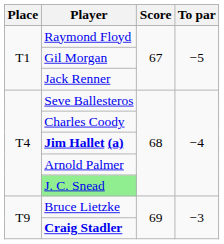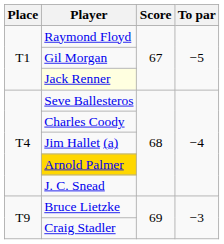 <table class="wikitable">
 <tr>
 <th>Place</th>
 <th>Player</th>
 <th>Score</th>
 <th>To par</th>
 </tr>
 <tr>
 <td rowspan=3 align="center">T1</td>
 <td> <a href='#'>Raymond Floyd</a></td>
 <td rowspan=3 align="center">67</td>
 <td rowspan=3 align="center">−5</td>
 </tr>
 <tr>
 <td> <a href='#'>Gil Morgan</a></td>
 </tr>
 <tr>
-<td> <a href='#'>Jack Renner</a></td>
+<td style="background: lightyellow;"> <a href='#'>Jack Renner</a></td>
 </tr>
 <tr>
 <td rowspan=5 align="center">T4</td>
 <td> <a href='#'>Seve Ballesteros</a></td>
 <td rowspan=5 align="center">68</td>
 <td rowspan=5 align="center">−4</td>
 </tr>
 <tr>
 <td> <a href='#'>Charles Coody</a></td>
 </tr>
 <tr>
-<td><strong> <a href='#'>Jim Hallet</a> <a href='#'>(a)</a></strong></td>
+<td> <a href='#'>Jim Hallet</a> <a href='#'>(a)</a></td>
 </tr>
 <tr>
-<td> <a href='#'>Arnold Palmer</a></td>
+<td style="background: gold;"> <a href='#'>Arnold Palmer</a></td>
 </tr>
 <tr>
-<td style="background: lightgreen;"> <a href='#'>J. C. Snead</a></td>
+<td> <a href='#'>J. C. Snead</a></td>
 </tr>
 <tr>
 <td rowspan=2 align="center">T9</td>
 <td> <a href='#'>Bruce Lietzke</a></td>
 <td rowspan=2 align="center">69</td>
 <td rowspan=2 align="center">−3</td>
 </tr>
 <tr>
-<td><strong> <a href='#'>Craig Stadler</a></strong></td>
+<td> <a href='#'>Craig Stadler</a></td>
 </tr>
 </table>
